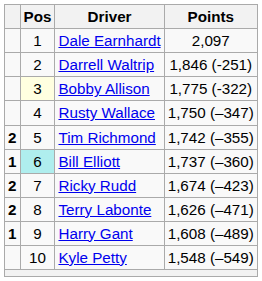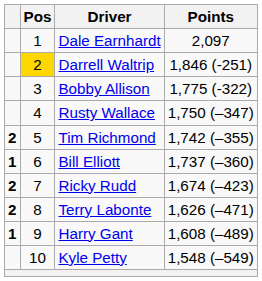 <table class="wikitable" style="font-size: 95%;">
 <tr>
 <th></th>
 <th>Pos</th>
 <th>Driver</th>
 <th>Points</th>
 </tr>
 <tr>
 <td align="left"></td>
 <td style="text-align:center;">1</td>
 <td><a href='#'>Dale Earnhardt</a></td>
 <td style="text-align:center;">2,097</td>
 </tr>
 <tr>
 <td align="left"></td>
-<td style="text-align:center;">2</td>
+<td style="background: gold; text-align:center;">2</td>
 <td><a href='#'>Darrell Waltrip</a></td>
 <td style="text-align:center;">1,846 (-251)</td>
 </tr>
 <tr>
 <td align="left"></td>
-<td style="background: lightyellow; text-align:center;">3</td>
+<td style="text-align:center;">3</td>
 <td><a href='#'>Bobby Allison</a></td>
 <td style="text-align:center;">1,775 (-322)</td>
 </tr>
 <tr>
 <td align="left"></td>
 <td style="text-align:center;">4</td>
 <td><a href='#'>Rusty Wallace</a></td>
 <td style="text-align:center;">1,750 (–347)</td>
 </tr>
 <tr>
 <td align="left">  <strong>2</strong></td>
 <td style="text-align:center;">5</td>
 <td><a href='#'>Tim Richmond</a></td>
 <td style="text-align:center;">1,742 (–355)</td>
 </tr>
 <tr>
 <td align="left">  <strong>1</strong></td>
-<td style="background: paleturquoise; text-align:center;">6</td>
+<td style="text-align:center;">6</td>
 <td><a href='#'>Bill Elliott</a></td>
 <td style="text-align:center;">1,737 (–360)</td>
 </tr>
 <tr>
 <td align="left">  <strong>2</strong></td>
 <td style="text-align:center;">7</td>
 <td><a href='#'>Ricky Rudd</a></td>
 <td style="text-align:center;">1,674 (–423)</td>
 </tr>
 <tr>
 <td align="left">  <strong>2</strong></td>
 <td style="text-align:center;">8</td>
 <td><a href='#'>Terry Labonte</a></td>
 <td style="text-align:center;">1,626 (–471)</td>
 </tr>
 <tr>
 <td align="left">  <strong>1</strong></td>
 <td style="text-align:center;">9</td>
 <td><a href='#'>Harry Gant</a></td>
 <td style="text-align:center;">1,608 (–489)</td>
 </tr>
 <tr>
 <td align="left"></td>
 <td style="text-align:center;">10</td>
 <td><a href='#'>Kyle Petty</a></td>
 <td style="text-align:center;">1,548 (–549)</td>
 </tr>
 <tr class="sortbottom">
 <th colspan="9"></th>
 </tr>
 </table>
